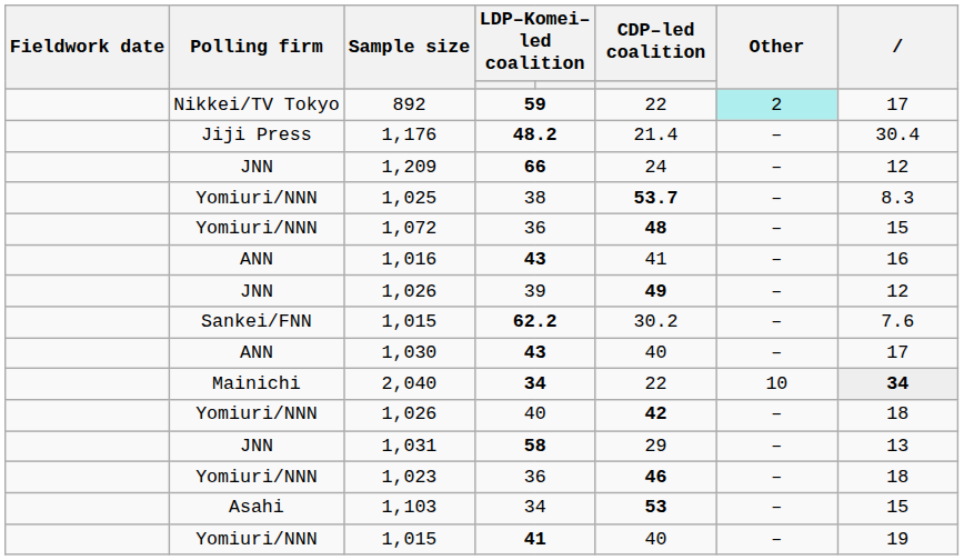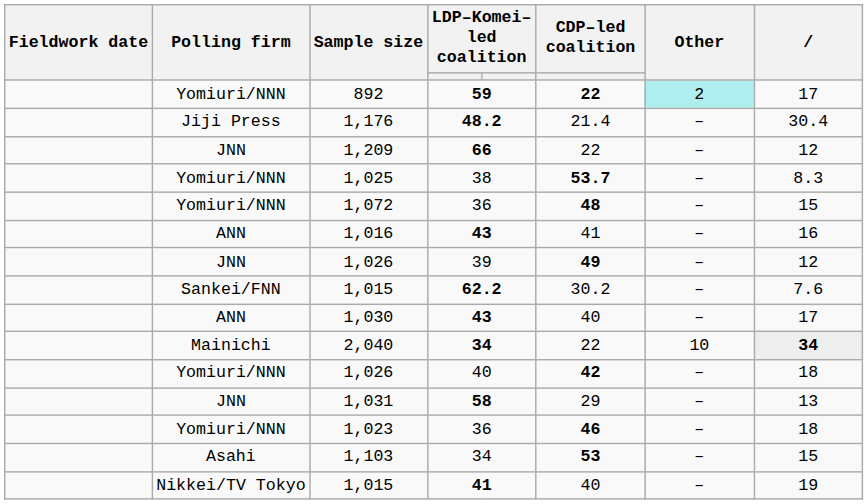 <table class="wikitable mw-datatable sortable" style="text-align:center;font-size:90%;line-height:14px;">
 <tr style="height:38px;">
 <th rowspan="2">Fieldwork date</th>
 <th rowspan="2">Polling firm</th>
 <th class="unsortable" rowspan="2">Sample size</th>
 <th class="unsortable" width="71px" colspan="2">LDP–Komei–led coalition</th>
 <th class="unsortable" width="71px">CDP–led coalition</th>
 <th class="unsortable" width="71px" rowspan="2">Other</th>
 <th class="unsortable" width="71px" rowspan="2">/<br></th>
 </tr>
 <tr>
 <th data-sort-type="number" style="background:"></th>
 <th data-sort-type="number" style="background:"></th>
 <th data-sort-type="number" style="background:"></th>
 </tr>
 <tr>
 <td></td>
-<td>Nikkei/TV Tokyo</td>
+<td>Yomiuri/NNN</td>
 <td>892</td>
 <td colspan="2" ><strong>59</strong></td>
-<td>22</td>
+<td><strong>22</strong></td>
 <td style="background: paleturquoise;">2</td>
 <td>17</td>
 </tr>
 <tr>
 <td></td>
 <td>Jiji Press</td>
 <td>1,176</td>
 <td colspan="2" ><strong>48.2</strong></td>
 <td>21.4</td>
 <td>–</td>
 <td>30.4</td>
 </tr>
 <tr>
 <td></td>
 <td>JNN</td>
 <td>1,209</td>
 <td colspan="2" ><strong>66</strong></td>
-<td>24</td>
+<td>22</td>
 <td>–</td>
 <td>12</td>
 </tr>
 <tr>
 <td></td>
 <td>Yomiuri/NNN</td>
 <td>1,025</td>
 <td colspan="2">38</td>
 <td><strong>53.7</strong></td>
 <td>–</td>
 <td>8.3</td>
 </tr>
 <tr>
 <td></td>
 <td>Yomiuri/NNN</td>
 <td>1,072</td>
 <td colspan="2">36</td>
 <td><strong>48</strong></td>
 <td>–</td>
 <td>15</td>
 </tr>
 <tr>
 <td></td>
 <td>ANN</td>
 <td>1,016</td>
 <td colspan="2" ><strong>43</strong></td>
 <td>41</td>
 <td>–</td>
 <td>16</td>
 </tr>
 <tr>
 <td></td>
 <td>JNN</td>
 <td>1,026</td>
 <td colspan="2">39</td>
 <td><strong>49</strong></td>
 <td>–</td>
 <td>12</td>
 </tr>
 <tr>
 <td></td>
 <td>Sankei/FNN</td>
 <td>1,015</td>
 <td colspan="2" ><strong>62.2</strong></td>
 <td>30.2</td>
 <td>–</td>
 <td>7.6</td>
 </tr>
 <tr>
 <td></td>
 <td>ANN</td>
 <td>1,030</td>
 <td colspan="2" ><strong>43</strong></td>
 <td>40</td>
 <td>–</td>
 <td>17</td>
 </tr>
 <tr>
 <td></td>
 <td>Mainichi</td>
 <td>2,040</td>
 <td colspan="2" ><strong>34</strong></td>
 <td>22</td>
 <td>10</td>
 <td style="background:#EEEEEE;"><strong>34</strong></td>
 </tr>
 <tr>
 <td></td>
 <td>Yomiuri/NNN</td>
 <td>1,026</td>
 <td colspan="2">40</td>
 <td><strong>42</strong></td>
 <td>–</td>
 <td>18</td>
 </tr>
 <tr>
 <td></td>
 <td>JNN</td>
 <td>1,031</td>
 <td colspan="2" ><strong>58</strong></td>
 <td>29</td>
 <td>–</td>
 <td>13</td>
 </tr>
 <tr>
 <td></td>
 <td>Yomiuri/NNN</td>
 <td>1,023</td>
 <td colspan="2">36</td>
 <td><strong>46</strong></td>
 <td>–</td>
 <td>18</td>
 </tr>
 <tr>
 <td></td>
 <td>Asahi</td>
 <td>1,103</td>
 <td colspan="2">34</td>
 <td><strong>53</strong></td>
 <td>–</td>
 <td>15</td>
 </tr>
 <tr>
 <td></td>
-<td>Yomiuri/NNN</td>
+<td>Nikkei/TV Tokyo</td>
 <td>1,015</td>
 <td colspan="2" ><strong>41</strong></td>
 <td>40</td>
 <td>–</td>
 <td>19</td>
 </tr>
 </table>
